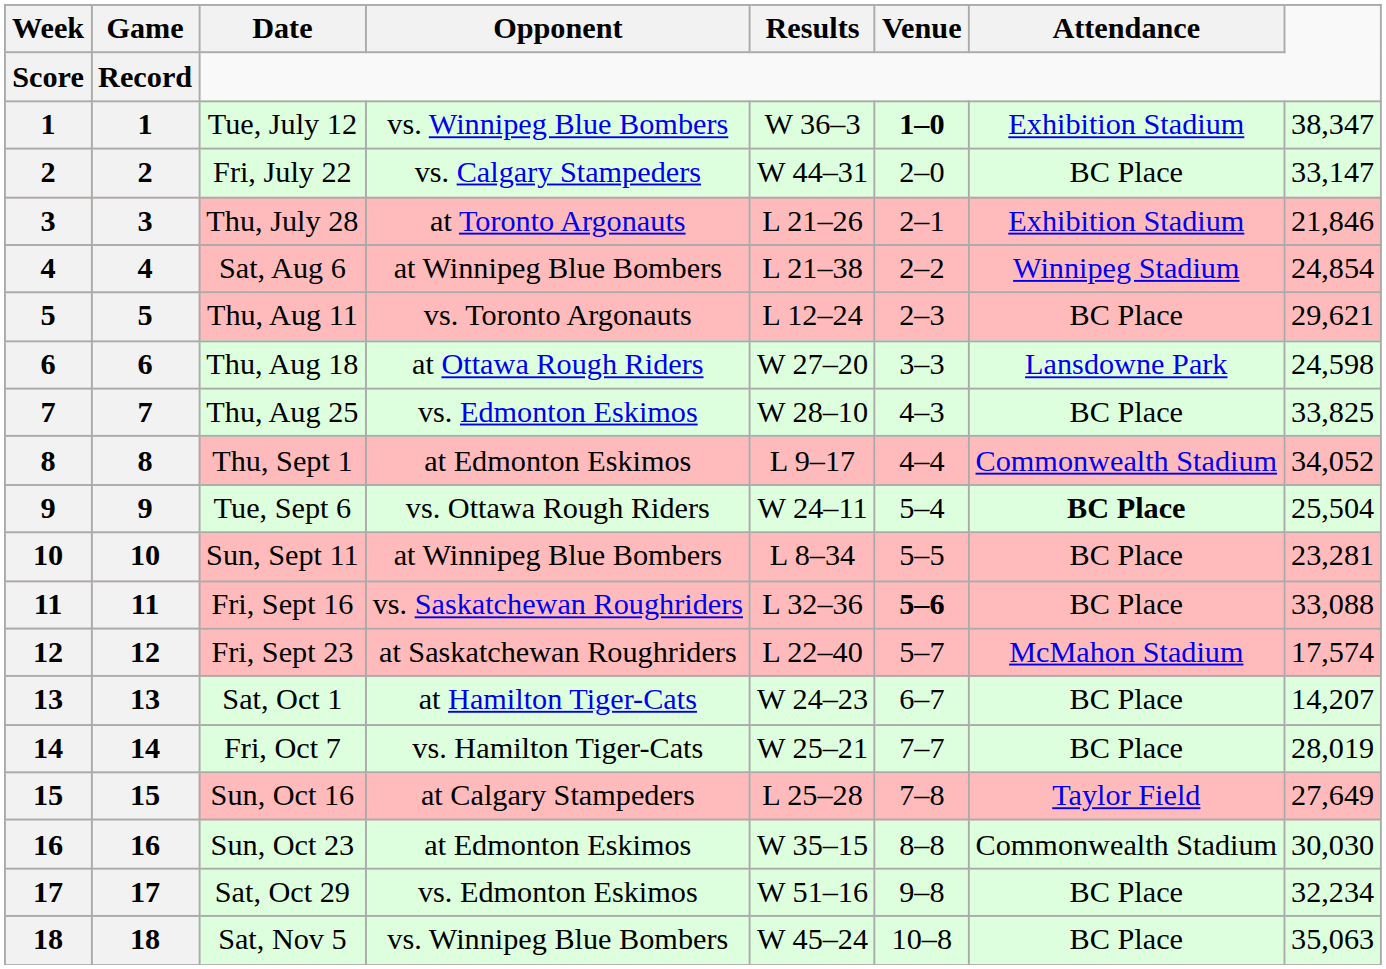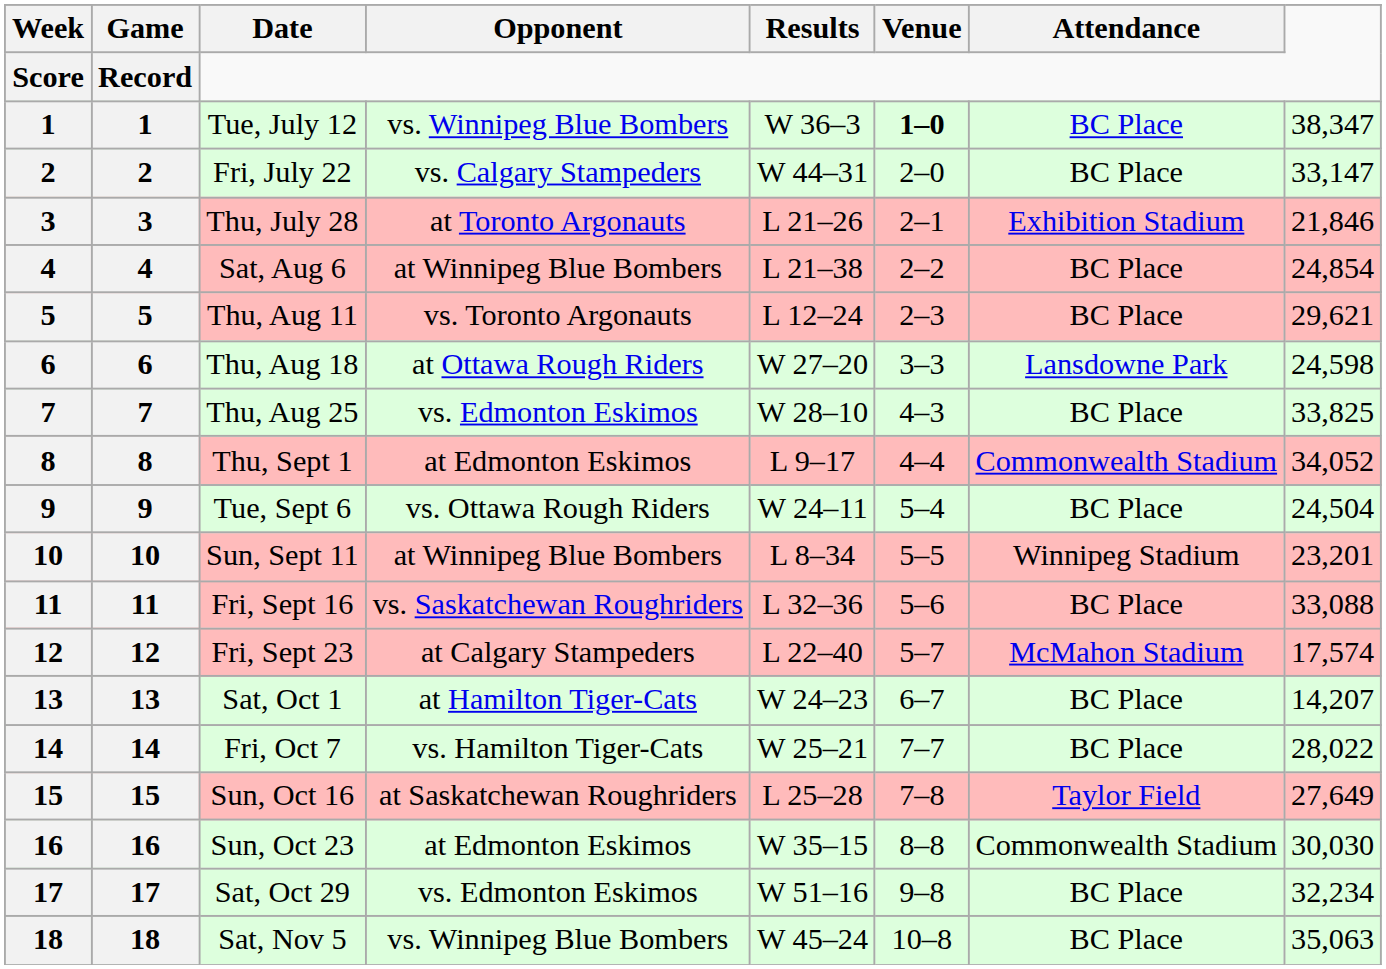 <table class="wikitable" style="text-align:center">
 <tr>
 <th>Week</th>
 <th>Game</th>
 <th>Date</th>
 <th>Opponent</th>
 <th>Results</th>
 <th>Venue</th>
 <th>Attendance</th>
 </tr>
 <tr>
 <th>Score</th>
 <th>Record</th>
 </tr>
 <tr style="background:#ddffdd">
 <th>1</th>
 <th>1</th>
 <td>Tue, July 12</td>
 <td>vs. <a href='#'>Winnipeg Blue Bombers</a></td>
 <td>W 36–3</td>
 <td><strong>1–0</strong></td>
-<td><a href='#'>Exhibition Stadium</a></td>
+<td><a href='#'>BC Place</a></td>
 <td>38,347</td>
 </tr>
 <tr style="background:#ddffdd">
 <th>2</th>
 <th>2</th>
 <td>Fri, July 22</td>
 <td>vs. <a href='#'>Calgary Stampeders</a></td>
 <td>W 44–31</td>
 <td>2–0</td>
 <td>BC Place</td>
 <td>33,147</td>
 </tr>
 <tr style="background:#ffbbbb">
 <th>3</th>
 <th>3</th>
 <td>Thu, July 28</td>
 <td>at <a href='#'>Toronto Argonauts</a></td>
 <td>L 21–26</td>
 <td>2–1</td>
 <td><a href='#'>Exhibition Stadium</a></td>
 <td>21,846</td>
 </tr>
 <tr style="background:#ffbbbb">
 <th>4</th>
 <th>4</th>
 <td>Sat, Aug 6</td>
 <td>at Winnipeg Blue Bombers</td>
 <td>L 21–38</td>
 <td>2–2</td>
-<td><a href='#'>Winnipeg Stadium</a></td>
+<td>BC Place</td>
 <td>24,854</td>
 </tr>
 <tr style="background:#ffbbbb">
 <th>5</th>
 <th>5</th>
 <td>Thu, Aug 11</td>
 <td>vs. Toronto Argonauts</td>
 <td>L 12–24</td>
 <td>2–3</td>
 <td>BC Place</td>
 <td>29,621</td>
 </tr>
 <tr style="background:#ddffdd">
 <th>6</th>
 <th>6</th>
 <td>Thu, Aug 18</td>
 <td>at <a href='#'>Ottawa Rough Riders</a></td>
 <td>W 27–20</td>
 <td>3–3</td>
 <td><a href='#'>Lansdowne Park</a></td>
 <td>24,598</td>
 </tr>
 <tr style="background:#ddffdd">
 <th>7</th>
 <th>7</th>
 <td>Thu, Aug 25</td>
 <td>vs. <a href='#'>Edmonton Eskimos</a></td>
 <td>W 28–10</td>
 <td>4–3</td>
 <td>BC Place</td>
 <td>33,825</td>
 </tr>
 <tr style="background:#ffbbbb">
 <th>8</th>
 <th>8</th>
 <td>Thu, Sept 1</td>
 <td>at Edmonton Eskimos</td>
 <td>L 9–17</td>
 <td>4–4</td>
 <td><a href='#'>Commonwealth Stadium</a></td>
 <td>34,052</td>
 </tr>
 <tr style="background:#ddffdd">
 <th>9</th>
 <th>9</th>
 <td>Tue, Sept 6</td>
 <td>vs. Ottawa Rough Riders</td>
 <td>W 24–11</td>
 <td>5–4</td>
-<td><strong>BC Place</strong></td>
-<td>25,504</td>
+<td>BC Place</td>
+<td>24,504</td>
 </tr>
 <tr style="background:#ffbbbb">
 <th>10</th>
 <th>10</th>
 <td>Sun, Sept 11</td>
 <td>at Winnipeg Blue Bombers</td>
 <td>L 8–34</td>
 <td>5–5</td>
-<td>BC Place</td>
-<td>23,281</td>
+<td>Winnipeg Stadium</td>
+<td>23,201</td>
 </tr>
 <tr style="background:#ffbbbb">
 <th>11</th>
 <th>11</th>
 <td>Fri, Sept 16</td>
 <td>vs. <a href='#'>Saskatchewan Roughriders</a></td>
 <td>L 32–36</td>
-<td><strong>5–6</strong></td>
+<td>5–6</td>
 <td>BC Place</td>
 <td>33,088</td>
 </tr>
 <tr style="background:#ffbbbb">
 <th>12</th>
 <th>12</th>
 <td>Fri, Sept 23</td>
-<td>at Saskatchewan Roughriders</td>
+<td>at Calgary Stampeders</td>
 <td>L 22–40</td>
 <td>5–7</td>
 <td><a href='#'>McMahon Stadium</a></td>
 <td>17,574</td>
 </tr>
 <tr style="background:#ddffdd">
 <th>13</th>
 <th>13</th>
 <td>Sat, Oct 1</td>
 <td>at <a href='#'>Hamilton Tiger-Cats</a></td>
 <td>W 24–23</td>
 <td>6–7</td>
 <td>BC Place</td>
 <td>14,207</td>
 </tr>
 <tr style="background:#ddffdd">
 <th>14</th>
 <th>14</th>
 <td>Fri, Oct 7</td>
 <td>vs. Hamilton Tiger-Cats</td>
 <td>W 25–21</td>
 <td>7–7</td>
 <td>BC Place</td>
-<td>28,019</td>
+<td>28,022</td>
 </tr>
 <tr style="background:#ffbbbb">
 <th>15</th>
 <th>15</th>
 <td>Sun, Oct 16</td>
-<td>at Calgary Stampeders</td>
+<td>at Saskatchewan Roughriders</td>
 <td>L 25–28</td>
 <td>7–8</td>
 <td><a href='#'>Taylor Field</a></td>
 <td>27,649</td>
 </tr>
 <tr style="background:#ddffdd">
 <th>16</th>
 <th>16</th>
 <td>Sun, Oct 23</td>
 <td>at Edmonton Eskimos</td>
 <td>W 35–15</td>
 <td>8–8</td>
 <td>Commonwealth Stadium</td>
 <td>30,030</td>
 </tr>
 <tr style="background:#ddffdd">
 <th>17</th>
 <th>17</th>
 <td>Sat, Oct 29</td>
 <td>vs. Edmonton Eskimos</td>
 <td>W 51–16</td>
 <td>9–8</td>
 <td>BC Place</td>
 <td>32,234</td>
 </tr>
 <tr style="background:#ddffdd">
 <th>18</th>
 <th>18</th>
 <td>Sat, Nov 5</td>
 <td>vs. Winnipeg Blue Bombers</td>
 <td>W 45–24</td>
 <td>10–8</td>
 <td>BC Place</td>
 <td>35,063</td>
 </tr>
 </table>
